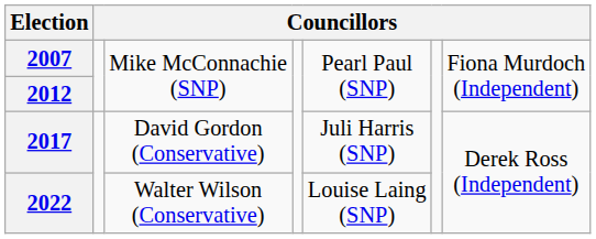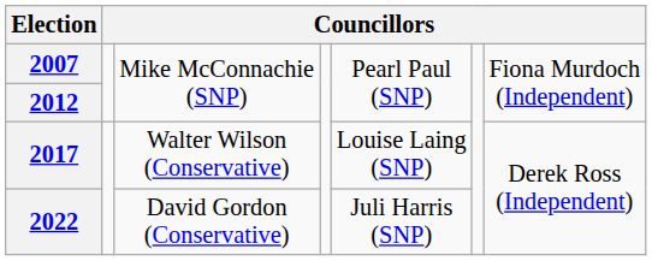 <table class="wikitable" style="text-align:center">
 <tr>
 <th>Election</th>
 <th colspan="6">Councillors</th>
 </tr>
 <tr>
 <th><a href='#'>2007</a></th>
 <td rowspan="2;" style="background-color: "></td>
 <td rowspan="2">Mike McConnachie<br>(<a href='#'>SNP</a>)</td>
 <td rowspan="4;" style="background-color: "></td>
 <td rowspan="2">Pearl Paul<br>(<a href='#'>SNP</a>)</td>
 <td rowspan="4;" style="background-color: "></td>
 <td rowspan="2">Fiona Murdoch<br>(<a href='#'>Independent</a>)</td>
 </tr>
 <tr>
 <th><a href='#'>2012</a></th>
 </tr>
 <tr>
 <th><a href='#'>2017</a></th>
 <td rowspan="2;" style="background-color: "></td>
-<td>David Gordon<br>(<a href='#'>Conservative</a>)</td>
-<td rowspan="1">Juli Harris<br>(<a href='#'>SNP</a>)</td>
+<td>Walter Wilson<br>(<a href='#'>Conservative</a>)</td>
+<td rowspan="1">Louise Laing<br>(<a href='#'>SNP</a>)</td>
 <td rowspan="2">Derek Ross<br>(<a href='#'>Independent</a>)</td>
 </tr>
 <tr>
 <th><a href='#'>2022</a></th>
-<td>Walter Wilson<br>(<a href='#'>Conservative</a>)</td>
-<td rowspan="1">Louise Laing<br>(<a href='#'>SNP</a>)</td>
+<td>David Gordon<br>(<a href='#'>Conservative</a>)</td>
+<td rowspan="1">Juli Harris<br>(<a href='#'>SNP</a>)</td>
 </tr>
 </table>
